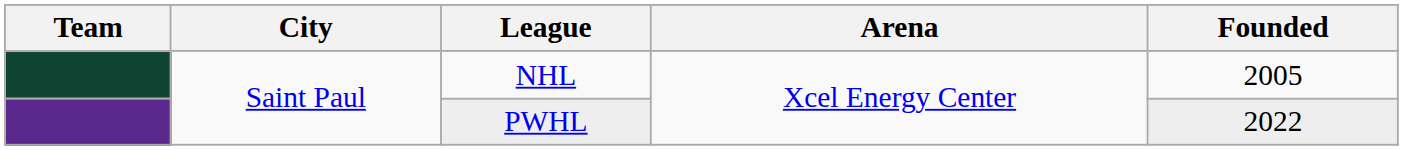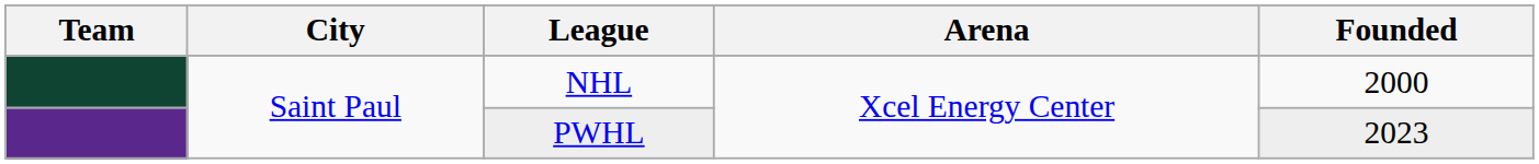 <table class="wikitable sortable" width="60%" style="text-align: center;">
 <tr>
 <th>Team</th>
 <th>City</th>
 <th>League</th>
 <th>Arena</th>
 <th>Founded</th>
 </tr>
 <tr>
 <td style="color:white; background:#0E4431; "><strong><a href='#'></a></strong></td>
 <td rowspan="2"><a href='#'>Saint Paul</a></td>
 <td><a href='#'>NHL</a></td>
 <td rowspan="2"><a href='#'>Xcel Energy Center</a></td>
-<td>2005</td>
+<td>2000</td>
 </tr>
 <tr style="background-color: #eee;">
 <td style="color:white; background:#5A288D; "><strong><a href='#'></a></strong></td>
 <td><a href='#'>PWHL</a></td>
-<td>2022</td>
+<td>2023</td>
 </tr>
 </table>
